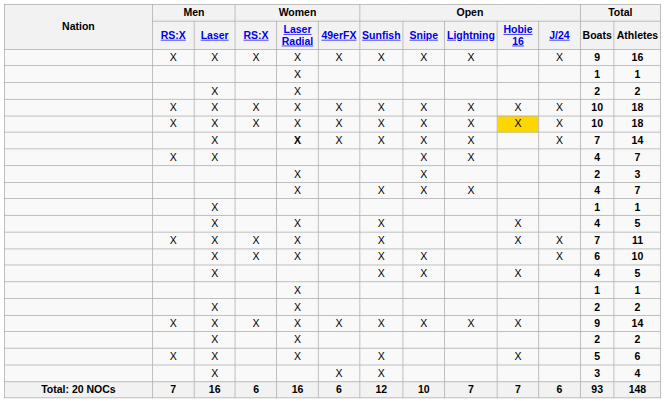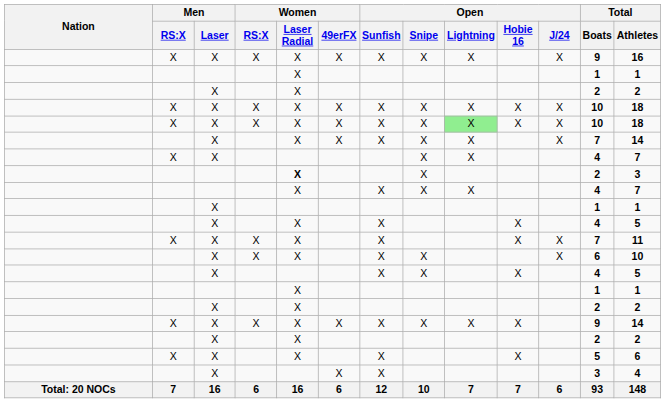 <table class=wikitable width=900 style="text-align:center; font-size:90%">
 <tr>
 <th rowspan="2" align="left">Nation</th>
 <th colspan="2">Men</th>
 <th colspan="3">Women</th>
 <th colspan=5>Open</th>
 <th colspan=2>Total</th>
 </tr>
 <tr>
 <th width=50><a href='#'>RS:X</a></th>
 <th width=50><a href='#'>Laser</a></th>
 <th width=50><a href='#'>RS:X</a></th>
 <th width=50><a href='#'>Laser Radial</a></th>
 <th width=50><a href='#'>49erFX</a></th>
 <th width=50><a href='#'>Sunfish</a></th>
 <th width=50><a href='#'>Snipe</a></th>
 <th width=50><a href='#'>Lightning</a></th>
 <th width=50><a href='#'>Hobie 16</a></th>
 <th width=50><a href='#'>J/24</a></th>
 <th width=35>Boats</th>
 <th width=49>Athletes</th>
 </tr>
 <tr>
 <td align=left></td>
 <td>X</td>
 <td>X</td>
 <td>X</td>
 <td>X</td>
 <td>X</td>
 <td>X</td>
 <td>X</td>
 <td>X</td>
 <td></td>
 <td>X</td>
 <td><strong>9</strong></td>
 <td><strong>16</strong></td>
 </tr>
 <tr>
 <td align=left></td>
 <td></td>
 <td></td>
 <td></td>
 <td>X</td>
 <td></td>
 <td></td>
 <td></td>
 <td></td>
 <td></td>
 <td></td>
 <td><strong>1</strong></td>
 <td><strong>1</strong></td>
 </tr>
 <tr>
 <td align=left></td>
 <td></td>
 <td>X</td>
 <td></td>
 <td>X</td>
 <td></td>
 <td></td>
 <td></td>
 <td></td>
 <td></td>
 <td></td>
 <td><strong>2</strong></td>
 <td><strong>2</strong></td>
 </tr>
 <tr>
 <td align=left></td>
 <td>X</td>
 <td>X</td>
 <td>X</td>
 <td>X</td>
 <td>X</td>
 <td>X</td>
 <td>X</td>
 <td>X</td>
 <td>X</td>
 <td>X</td>
 <td><strong>10</strong></td>
 <td><strong>18</strong></td>
 </tr>
 <tr>
 <td align=left></td>
 <td>X</td>
 <td>X</td>
 <td>X</td>
 <td>X</td>
 <td>X</td>
 <td>X</td>
 <td>X</td>
+<td style="background: lightgreen;">X</td>
 <td>X</td>
-<td style="background: gold;">X</td>
 <td>X</td>
 <td><strong>10</strong></td>
 <td><strong>18</strong></td>
 </tr>
 <tr>
 <td align=left></td>
 <td></td>
 <td>X</td>
 <td></td>
-<td><strong>X</strong></td>
+<td>X</td>
 <td>X</td>
 <td>X</td>
 <td>X</td>
 <td>X</td>
 <td></td>
 <td>X</td>
 <td><strong>7</strong></td>
 <td><strong>14</strong></td>
 </tr>
 <tr>
 <td align=left></td>
 <td>X</td>
 <td>X</td>
 <td></td>
 <td></td>
 <td></td>
 <td></td>
 <td>X</td>
 <td>X</td>
 <td></td>
 <td></td>
 <td><strong>4</strong></td>
 <td><strong>7</strong></td>
 </tr>
 <tr>
 <td align=left></td>
 <td></td>
 <td></td>
 <td></td>
-<td>X</td>
+<td><strong>X</strong></td>
 <td></td>
 <td></td>
 <td>X</td>
 <td></td>
 <td></td>
 <td></td>
 <td><strong>2</strong></td>
 <td><strong>3</strong></td>
 </tr>
 <tr>
 <td align=left></td>
 <td></td>
 <td></td>
 <td></td>
 <td>X</td>
 <td></td>
 <td>X</td>
 <td>X</td>
 <td>X</td>
 <td></td>
 <td></td>
 <td><strong>4</strong></td>
 <td><strong>7</strong></td>
 </tr>
 <tr>
 <td align=left></td>
 <td></td>
 <td>X</td>
 <td></td>
 <td></td>
 <td></td>
 <td></td>
 <td></td>
 <td></td>
 <td></td>
 <td></td>
 <td><strong>1</strong></td>
 <td><strong>1</strong></td>
 </tr>
 <tr>
 <td align=left></td>
 <td></td>
 <td>X</td>
 <td></td>
 <td>X</td>
 <td></td>
 <td>X</td>
 <td></td>
 <td></td>
 <td>X</td>
 <td></td>
 <td><strong>4</strong></td>
 <td><strong>5</strong></td>
 </tr>
 <tr>
 <td align=left></td>
 <td>X</td>
 <td>X</td>
 <td>X</td>
 <td>X</td>
 <td></td>
 <td>X</td>
 <td></td>
 <td></td>
 <td>X</td>
 <td>X</td>
 <td><strong>7</strong></td>
 <td><strong>11</strong></td>
 </tr>
 <tr>
 <td align=left></td>
 <td></td>
 <td>X</td>
 <td>X</td>
 <td>X</td>
 <td></td>
 <td>X</td>
 <td>X</td>
 <td></td>
 <td></td>
 <td>X</td>
 <td><strong>6</strong></td>
 <td><strong>10</strong></td>
 </tr>
 <tr>
 <td align=left></td>
 <td></td>
 <td>X</td>
 <td></td>
 <td></td>
 <td></td>
 <td>X</td>
 <td>X</td>
 <td></td>
 <td>X</td>
 <td></td>
 <td><strong>4</strong></td>
 <td><strong>5</strong></td>
 </tr>
 <tr>
 <td align=left></td>
 <td></td>
 <td></td>
 <td></td>
 <td>X</td>
 <td></td>
 <td></td>
 <td></td>
 <td></td>
 <td></td>
 <td></td>
 <td><strong>1</strong></td>
 <td><strong>1</strong></td>
 </tr>
 <tr>
 <td align=left></td>
 <td></td>
 <td>X</td>
 <td></td>
 <td>X</td>
 <td></td>
 <td></td>
 <td></td>
 <td></td>
 <td></td>
 <td></td>
 <td><strong>2</strong></td>
 <td><strong>2</strong></td>
 </tr>
 <tr>
 <td align=left></td>
 <td>X</td>
 <td>X</td>
 <td>X</td>
 <td>X</td>
 <td>X</td>
 <td>X</td>
 <td>X</td>
 <td>X</td>
 <td>X</td>
 <td></td>
 <td><strong>9</strong></td>
 <td><strong>14</strong></td>
 </tr>
 <tr>
 <td align=left></td>
 <td></td>
 <td>X</td>
 <td></td>
 <td>X</td>
 <td></td>
 <td></td>
 <td></td>
 <td></td>
 <td></td>
 <td></td>
 <td><strong>2</strong></td>
 <td><strong>2</strong></td>
 </tr>
 <tr>
 <td align=left></td>
 <td>X</td>
 <td>X</td>
 <td></td>
 <td>X</td>
 <td></td>
 <td>X</td>
 <td></td>
 <td></td>
 <td>X</td>
 <td></td>
 <td><strong>5</strong></td>
 <td><strong>6</strong></td>
 </tr>
 <tr>
 <td align=left></td>
 <td></td>
 <td>X</td>
 <td></td>
 <td></td>
 <td>X</td>
 <td>X</td>
 <td></td>
 <td></td>
 <td></td>
 <td></td>
 <td><strong>3</strong></td>
 <td><strong>4</strong></td>
 </tr>
 <tr>
 <th>Total: 20 NOCs</th>
 <th>7</th>
 <th>16</th>
 <th>6</th>
 <th>16</th>
 <th>6</th>
 <th>12</th>
 <th>10</th>
 <th>7</th>
 <th>7</th>
 <th>6</th>
 <th>93</th>
 <th>148</th>
 </tr>
 </table>
